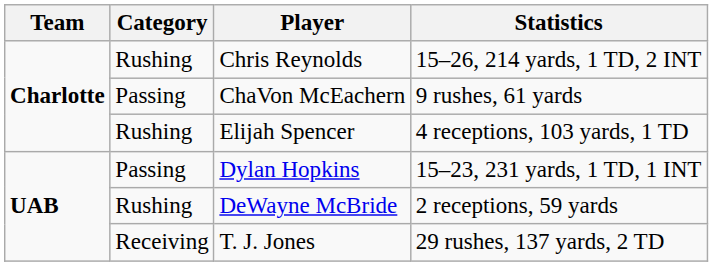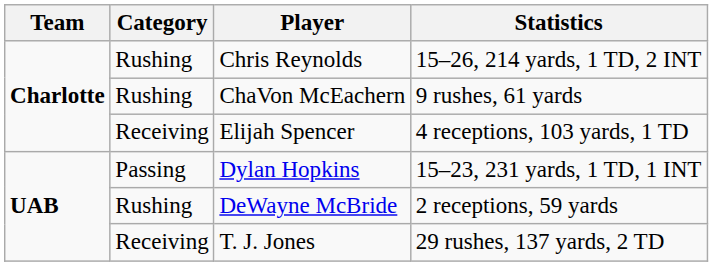 <table class="wikitable" style="float: left;">
 <tr>
 <th>Team</th>
 <th>Category</th>
 <th>Player</th>
 <th>Statistics</th>
 </tr>
 <tr>
 <td rowspan=3><strong>Charlotte</strong></td>
 <td>Rushing</td>
 <td>Chris Reynolds</td>
 <td>15–26, 214 yards, 1 TD, 2 INT</td>
 </tr>
 <tr>
-<td>Passing</td>
+<td>Rushing</td>
 <td>ChaVon McEachern</td>
 <td>9 rushes, 61 yards</td>
 </tr>
 <tr>
-<td>Rushing</td>
+<td>Receiving</td>
 <td>Elijah Spencer</td>
 <td>4 receptions, 103 yards, 1 TD</td>
 </tr>
 <tr>
 <td rowspan=3><strong>UAB</strong></td>
 <td>Passing</td>
 <td><a href='#'>Dylan Hopkins</a></td>
 <td>15–23, 231 yards, 1 TD, 1 INT</td>
 </tr>
 <tr>
 <td>Rushing</td>
 <td><a href='#'>DeWayne McBride</a></td>
 <td>2 receptions, 59 yards</td>
 </tr>
 <tr>
 <td>Receiving</td>
 <td>T. J. Jones</td>
 <td>29 rushes, 137 yards, 2 TD</td>
 </tr>
 </table>
